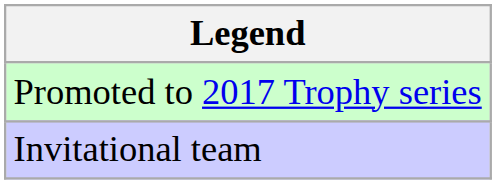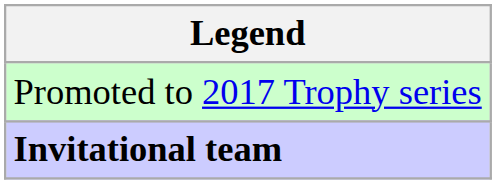 <table class="wikitable">
 <tr>
 <th>Legend</th>
 </tr>
 <tr bgcolor=ccffcc>
 <td>Promoted to <a href='#'>2017 Trophy series</a></td>
 </tr>
 <tr bgcolor=ccccff>
-<td>Invitational team</td>
+<td><strong>Invitational team</strong></td>
 </tr>
 </table>
